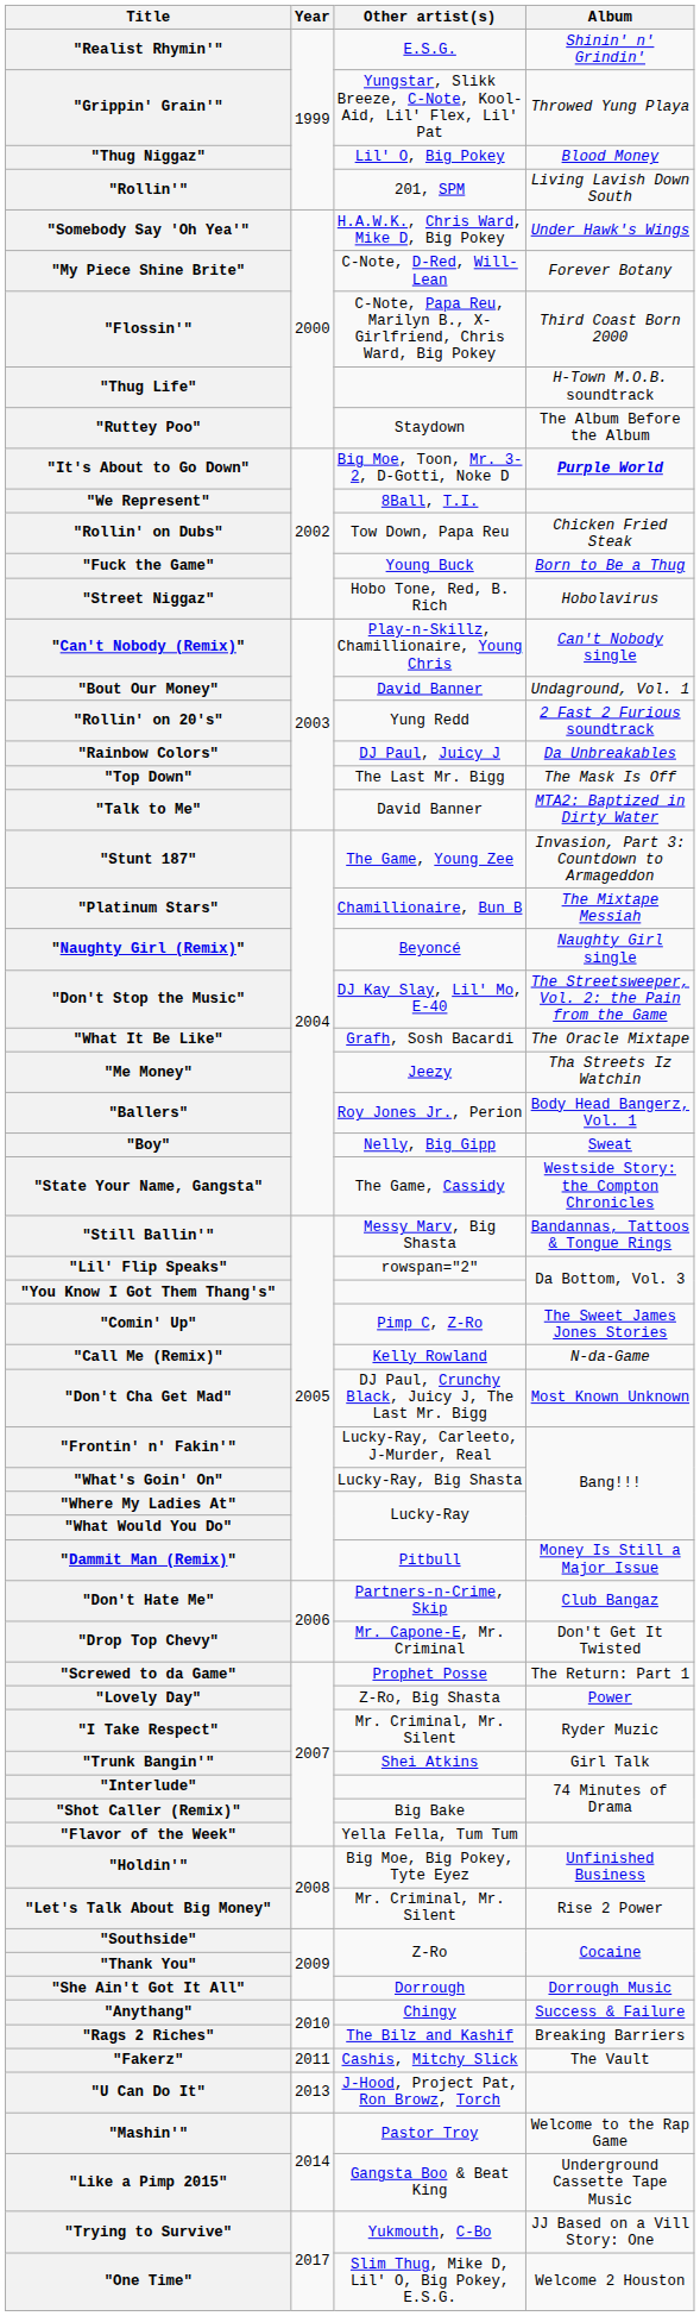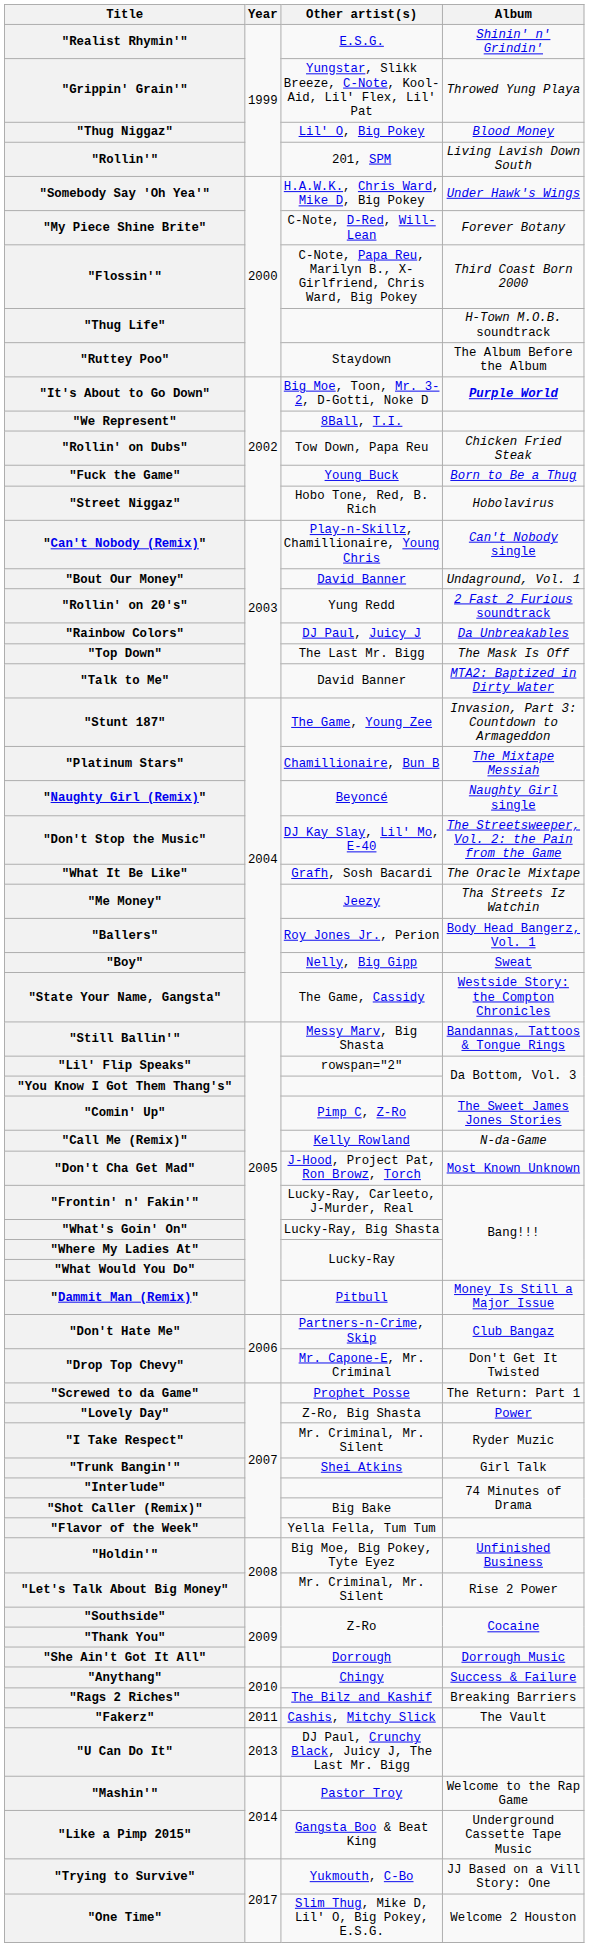 <table class="wikitable plainrowheaders" style="text-align:center;">
 <tr>
 <th scope="col" style="width:19em;">Title</th>
 <th scope="col">Year</th>
 <th scope="col">Other artist(s)</th>
 <th scope="col">Album</th>
 </tr>
 <tr>
 <th scope="row">"Realist Rhymin'"</th>
 <td rowspan="4">1999</td>
 <td><a href='#'>E.S.G.</a></td>
 <td><em><a href='#'>Shinin' n' Grindin'</a></em></td>
 </tr>
 <tr>
 <th scope="row">"Grippin' Grain'"</th>
 <td><a href='#'>Yungstar</a>, Slikk Breeze, <a href='#'>C-Note</a>, Kool-Aid, Lil' Flex, Lil' Pat</td>
 <td><em>Throwed Yung Playa</em></td>
 </tr>
 <tr>
 <th scope="row">"Thug Niggaz"</th>
 <td><a href='#'>Lil' O</a>, <a href='#'>Big Pokey</a></td>
 <td><em><a href='#'>Blood Money</a></em></td>
 </tr>
 <tr>
 <th scope="row">"Rollin'"</th>
 <td>201, <a href='#'>SPM</a></td>
 <td><em>Living Lavish Down South</em></td>
 </tr>
 <tr>
 <th scope="row">"Somebody Say 'Oh Yea'"</th>
 <td rowspan="5">2000</td>
 <td><a href='#'>H.A.W.K.</a>, <a href='#'>Chris Ward</a>, <a href='#'>Mike D</a>, Big Pokey</td>
 <td><em><a href='#'>Under Hawk's Wings</a></em></td>
 </tr>
 <tr>
 <th scope="row">"My Piece Shine Brite"</th>
 <td>C-Note, <a href='#'>D-Red</a>, <a href='#'>Will-Lean</a></td>
 <td><em>Forever Botany</em></td>
 </tr>
 <tr>
 <th scope="row">"Flossin'"</th>
 <td>C-Note, <a href='#'>Papa Reu</a>, Marilyn B., X-Girlfriend, Chris Ward, Big Pokey</td>
 <td><em>Third Coast Born 2000</em></td>
 </tr>
 <tr>
 <th scope="row">"Thug Life"</th>
 <td></td>
 <td><em>H-Town M.O.B.</em> soundtrack</td>
 </tr>
 <tr>
 <th scope="row">"Ruttey Poo"</th>
 <td>Staydown</td>
 <td></em>The Album Before the Album<em></td>
 </tr>
 <tr>
 <th scope="row">"It's About to Go Down"</th>
 <td rowspan="5">2002</td>
 <td><a href='#'>Big Moe</a>, Toon, <a href='#'>Mr. 3-2</a>, D-Gotti, Noke D</td>
 <td><strong><em><a href='#'>Purple World</a></em></strong></td>
 </tr>
 <tr>
 <th scope="row">"We Represent"</th>
 <td><a href='#'>8Ball</a>, <a href='#'>T.I.</a></td>
 <td></td>
 </tr>
 <tr>
 <th scope="row">"Rollin' on Dubs"</th>
 <td>Tow Down, Papa Reu</td>
 <td><em>Chicken Fried Steak</em></td>
 </tr>
 <tr>
 <th scope="row">"Fuck the Game"</th>
 <td><a href='#'>Young Buck</a></td>
 <td><em><a href='#'>Born to Be a Thug</a></em></td>
 </tr>
 <tr>
 <th scope="row">"Street Niggaz"</th>
 <td>Hobo Tone, Red, B. Rich</td>
 <td><em>Hobolavirus</em></td>
 </tr>
 <tr>
 <th scope="row">"<a href='#'>Can't Nobody (Remix)</a>"</th>
 <td rowspan="6">2003</td>
 <td><a href='#'>Play-n-Skillz</a>, Chamillionaire, <a href='#'>Young Chris</a></td>
 <td><a href='#'><em>Can't Nobody</em> single</a></td>
 </tr>
 <tr>
 <th scope="row">"Bout Our Money"</th>
 <td><a href='#'>David Banner</a></td>
 <td><em>Undaground, Vol. 1</em></td>
 </tr>
 <tr>
 <th scope="row">"Rollin' on 20's"</th>
 <td>Yung Redd</td>
 <td><a href='#'><em>2 Fast 2 Furious</em> soundtrack</a></td>
 </tr>
 <tr>
 <th scope="row">"Rainbow Colors"</th>
 <td><a href='#'>DJ Paul</a>, <a href='#'>Juicy J</a></td>
 <td><em><a href='#'>Da Unbreakables</a></em></td>
 </tr>
 <tr>
 <th scope="row">"Top Down"</th>
 <td>The Last Mr. Bigg</td>
 <td><em>The Mask Is Off</em></td>
 </tr>
 <tr>
 <th scope="row">"Talk to Me"</th>
 <td>David Banner</td>
 <td><em><a href='#'>MTA2: Baptized in Dirty Water</a></em></td>
 </tr>
 <tr>
 <th scope="row">"Stunt 187"</th>
 <td rowspan="9">2004</td>
 <td><a href='#'>The Game</a>, <a href='#'>Young Zee</a></td>
 <td><em>Invasion, Part 3: Countdown to Armageddon</em></td>
 </tr>
 <tr>
 <th scope="row">"Platinum Stars"</th>
 <td><a href='#'>Chamillionaire</a>, <a href='#'>Bun B</a></td>
 <td><em><a href='#'>The Mixtape Messiah</a></em></td>
 </tr>
 <tr>
 <th scope="row">"<a href='#'>Naughty Girl (Remix)</a>"</th>
 <td><a href='#'>Beyoncé</a></td>
 <td><a href='#'><em>Naughty Girl</em> single</a></td>
 </tr>
 <tr>
 <th scope="row">"Don't Stop the Music"</th>
 <td><a href='#'>DJ Kay Slay</a>, <a href='#'>Lil' Mo</a>, <a href='#'>E-40</a></td>
 <td><em><a href='#'>The Streetsweeper, Vol. 2: the Pain from the Game</a></em></td>
 </tr>
 <tr>
 <th scope="row">"What It Be Like"</th>
 <td><a href='#'>Grafh</a>, Sosh Bacardi</td>
 <td><em>The Oracle Mixtape</em></td>
 </tr>
 <tr>
 <th scope="row">"Me Money"</th>
 <td><a href='#'>Jeezy</a></td>
 <td><em>Tha Streets Iz Watchin<strong></td>
 </tr>
 <tr>
 <th scope="row">"Ballers"</th>
 <td><a href='#'>Roy Jones Jr.</a>, Perion</td>
 <td></em><a href='#'>Body Head Bangerz, Vol. 1</a><em></td>
 </tr>
 <tr>
 <th scope="row">"Boy"</th>
 <td><a href='#'>Nelly</a>, <a href='#'>Big Gipp</a></td>
 <td></em><a href='#'>Sweat</a><em></td>
 </tr>
 <tr>
 <th scope="row">"State Your Name, Gangsta"</th>
 <td>The Game, <a href='#'>Cassidy</a></td>
 <td></em><a href='#'>Westside Story: the Compton Chronicles</a><em></td>
 </tr>
 <tr>
 <th scope="row">"Still Ballin'"</th>
 <td rowspan="11">2005</td>
 <td><a href='#'>Messy Marv</a>, Big Shasta</td>
 <td></em><a href='#'>Bandannas, Tattoos & Tongue Rings</a><em></td>
 </tr>
 <tr>
 <th scope="row">"Lil' Flip Speaks"</th>
 <td>rowspan="2" </td>
 <td rowspan="2"></em>Da Bottom, Vol. 3<em></td>
 </tr>
 <tr>
 <th scope="row">"You Know I Got Them Thang's"</th>
 </tr>
 <tr>
 <th scope="row">"Comin' Up"</th>
 <td><a href='#'>Pimp C</a>, <a href='#'>Z-Ro</a></td>
 <td></em><a href='#'>The Sweet James Jones Stories</a><em></td>
 </tr>
 <tr>
 <th scope="row">"Call Me (Remix)"</th>
 <td><a href='#'>Kelly Rowland</a></td>
 <td><em>N-da-Game</em></td>
 </tr>
 <tr>
 <th scope="row">"Don't Cha Get Mad"</th>
-<td>DJ Paul, <a href='#'>Crunchy Black</a>, Juicy J, The Last Mr. Bigg</td>
+<td><a href='#'>J-Hood</a>, Project Pat, <a href='#'>Ron Browz</a>, <a href='#'>Torch</a></td>
 <td></em><a href='#'>Most Known Unknown</a><em></td>
 </tr>
 <tr>
 <th scope="row">"Frontin' n' Fakin'"</th>
 <td>Lucky-Ray, Carleeto, J-Murder, Real</td>
 <td rowspan="4"></em>Bang!!!<em></td>
 </tr>
 <tr>
 <th scope="row">"What's Goin' On"</th>
 <td>Lucky-Ray, Big Shasta</td>
 </tr>
 <tr>
 <th scope="row">"Where My Ladies At"</th>
 <td rowspan="2">Lucky-Ray</td>
 </tr>
 <tr>
 <th scope="row">"What Would You Do"</th>
 </tr>
 <tr>
 <th scope="row">"<a href='#'>Dammit Man (Remix)</a>"</th>
 <td><a href='#'>Pitbull</a></td>
 <td></em><a href='#'>Money Is Still a Major Issue</a><em></td>
 </tr>
 <tr>
 <th scope="row">"Don't Hate Me"</th>
 <td rowspan="2">2006</td>
 <td><a href='#'>Partners-n-Crime</a>, <a href='#'>Skip</a></td>
 <td></em><a href='#'>Club Bangaz</a><em></td>
 </tr>
 <tr>
 <th scope="row">"Drop Top Chevy"</th>
 <td><a href='#'>Mr. Capone-E</a>, Mr. Criminal</td>
 <td></em>Don't Get It Twisted<em></td>
 </tr>
 <tr>
 <th scope="row">"Screwed to da Game"</th>
 <td rowspan="7">2007</td>
 <td><a href='#'>Prophet Posse</a></td>
 <td></em>The Return: Part 1<em></td>
 </tr>
 <tr>
 <th scope="row">"Lovely Day"</th>
 <td>Z-Ro, Big Shasta</td>
 <td></em><a href='#'>Power</a><em></td>
 </tr>
 <tr>
 <th scope="row">"I Take Respect"</th>
 <td>Mr. Criminal, Mr. Silent</td>
 <td></em>Ryder Muzic<em></td>
 </tr>
 <tr>
 <th scope="row">"Trunk Bangin'"</th>
 <td><a href='#'>Shei Atkins</a></td>
 <td></em>Girl Talk<em></td>
 </tr>
 <tr>
 <th scope="row">"Interlude"</th>
 <td></td>
 <td rowspan="2"></em>74 Minutes of Drama<em></td>
 </tr>
 <tr>
 <th scope="row">"Shot Caller (Remix)"</th>
 <td>Big Bake</td>
 </tr>
 <tr>
 <th scope="row">"Flavor of the Week"</th>
 <td>Yella Fella, Tum Tum</td>
 <td></td>
 </tr>
 <tr>
 <th scope="row">"Holdin'"</th>
 <td rowspan="2">2008</td>
 <td>Big Moe, Big Pokey, Tyte Eyez</td>
 <td></em><a href='#'>Unfinished Business</a><em></td>
 </tr>
 <tr>
 <th scope="row">"Let's Talk About Big Money"</th>
 <td>Mr. Criminal, Mr. Silent</td>
 <td></em>Rise 2 Power<em></td>
 </tr>
 <tr>
 <th scope="row">"Southside"</th>
 <td rowspan="3">2009</td>
 <td rowspan="2">Z-Ro</td>
 <td rowspan="2"></em><a href='#'>Cocaine</a><em></td>
 </tr>
 <tr>
 <th scope="row">"Thank You"</th>
 </tr>
 <tr>
 <th scope="row">"She Ain't Got It All"</th>
 <td><a href='#'>Dorrough</a></td>
 <td></em><a href='#'>Dorrough Music</a><em></td>
 </tr>
 <tr>
 <th scope="row">"Anythang"</th>
 <td rowspan="2">2010</td>
 <td><a href='#'>Chingy</a></td>
 <td></em><a href='#'>Success & Failure</a><em></td>
 </tr>
 <tr>
 <th scope="row">"Rags 2 Riches"</th>
 <td><a href='#'>The Bilz and Kashif</a></td>
 <td></em>Breaking Barriers<em></td>
 </tr>
 <tr>
 <th scope="row">"Fakerz"</th>
 <td rowspan="1">2011</td>
 <td><a href='#'>Cashis</a>, <a href='#'>Mitchy Slick</a></td>
 <td></em>The Vault<em></td>
 </tr>
 <tr>
 <th scope="row">"U Can Do It"</th>
 <td rowspan="1">2013</td>
-<td><a href='#'>J-Hood</a>, Project Pat, <a href='#'>Ron Browz</a>, <a href='#'>Torch</a></td>
+<td>DJ Paul, <a href='#'>Crunchy Black</a>, Juicy J, The Last Mr. Bigg</td>
 <td></td>
 </tr>
 <tr>
 <th scope="row">"Mashin'"</th>
 <td rowspan="2">2014</td>
 <td><a href='#'>Pastor Troy</a></td>
 <td></em>Welcome to the Rap Game<em></td>
 </tr>
 <tr>
 <th scope="row">"Like a Pimp 2015"</th>
 <td><a href='#'>Gangsta Boo</a> & Beat King</td>
 <td></em>Underground Cassette Tape Music<em></td>
 </tr>
 <tr>
 <th scope="row">"Trying to Survive"</th>
 <td rowspan="2">2017</td>
 <td><a href='#'>Yukmouth</a>, <a href='#'>C-Bo</a></td>
 <td></em>JJ Based on a Vill Story: One<em></td>
 </tr>
 <tr>
 <th scope="row">"One Time"</th>
 <td><a href='#'>Slim Thug</a>, Mike D, Lil' O, Big Pokey, E.S.G.</td>
 <td></em>Welcome 2 Houston<em></td>
 </tr>
 </table>
